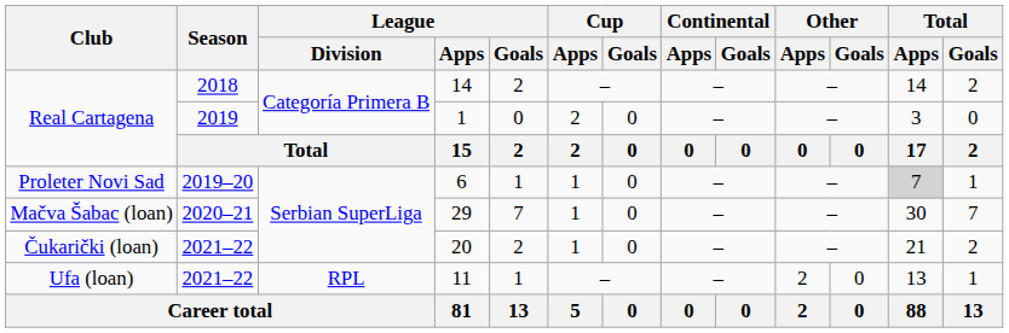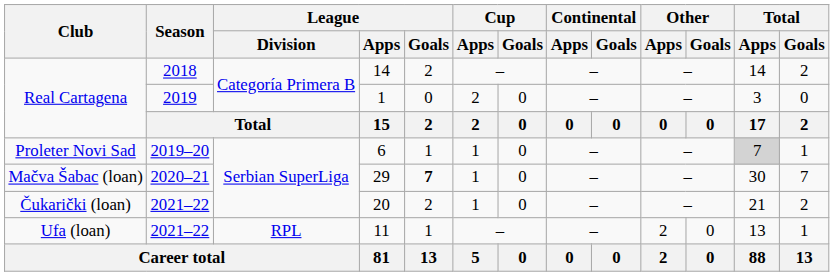 <table class="wikitable" style="text-align: center;">
 <tr>
 <th rowspan=2>Club</th>
 <th rowspan=2>Season</th>
 <th colspan=3>League</th>
 <th colspan=2>Cup</th>
 <th colspan=2>Continental</th>
 <th colspan=2>Other</th>
 <th colspan=2>Total</th>
 </tr>
 <tr>
 <th>Division</th>
 <th>Apps</th>
 <th>Goals</th>
 <th>Apps</th>
 <th>Goals</th>
 <th>Apps</th>
 <th>Goals</th>
 <th>Apps</th>
 <th>Goals</th>
 <th>Apps</th>
 <th>Goals</th>
 </tr>
 <tr>
 <td rowspan="3"><a href='#'>Real Cartagena</a></td>
 <td><a href='#'>2018</a></td>
 <td rowspan="2"><a href='#'>Categoría Primera B</a></td>
 <td>14</td>
 <td>2</td>
 <td colspan=2>–</td>
 <td colspan=2>–</td>
 <td colspan=2>–</td>
 <td>14</td>
 <td>2</td>
 </tr>
 <tr>
 <td><a href='#'>2019</a></td>
 <td>1</td>
 <td>0</td>
 <td>2</td>
 <td>0</td>
 <td colspan=2>–</td>
 <td colspan=2>–</td>
 <td>3</td>
 <td>0</td>
 </tr>
 <tr>
 <th colspan=2>Total</th>
 <th>15</th>
 <th>2</th>
 <th>2</th>
 <th>0</th>
 <th>0</th>
 <th>0</th>
 <th>0</th>
 <th>0</th>
 <th>17</th>
 <th>2</th>
 </tr>
 <tr>
 <td><a href='#'>Proleter Novi Sad</a></td>
 <td><a href='#'>2019–20</a></td>
 <td rowspan="3"><a href='#'>Serbian SuperLiga</a></td>
 <td>6</td>
 <td>1</td>
 <td>1</td>
 <td>0</td>
 <td colspan=2>–</td>
 <td colspan=2>–</td>
 <td style="background: lightgrey;">7</td>
 <td>1</td>
 </tr>
 <tr>
 <td><a href='#'>Mačva Šabac</a> (loan)</td>
 <td><a href='#'>2020–21</a></td>
 <td>29</td>
-<td>7</td>
+<td><strong>7</strong></td>
 <td>1</td>
 <td>0</td>
 <td colspan=2>–</td>
 <td colspan=2>–</td>
 <td>30</td>
 <td>7</td>
 </tr>
 <tr>
 <td><a href='#'>Čukarički</a> (loan)</td>
 <td><a href='#'>2021–22</a></td>
 <td>20</td>
 <td>2</td>
 <td>1</td>
 <td>0</td>
 <td colspan=2>–</td>
 <td colspan=2>–</td>
 <td>21</td>
 <td>2</td>
 </tr>
 <tr>
 <td><a href='#'>Ufa</a> (loan)</td>
 <td><a href='#'>2021–22</a></td>
 <td><a href='#'>RPL</a></td>
 <td>11</td>
 <td>1</td>
 <td colspan=2>–</td>
 <td colspan=2>–</td>
 <td>2</td>
 <td>0</td>
 <td>13</td>
 <td>1</td>
 </tr>
 <tr>
 <th colspan=3>Career total</th>
 <th>81</th>
 <th>13</th>
 <th>5</th>
 <th>0</th>
 <th>0</th>
 <th>0</th>
 <th>2</th>
 <th>0</th>
 <th>88</th>
 <th>13</th>
 </tr>
 </table>
